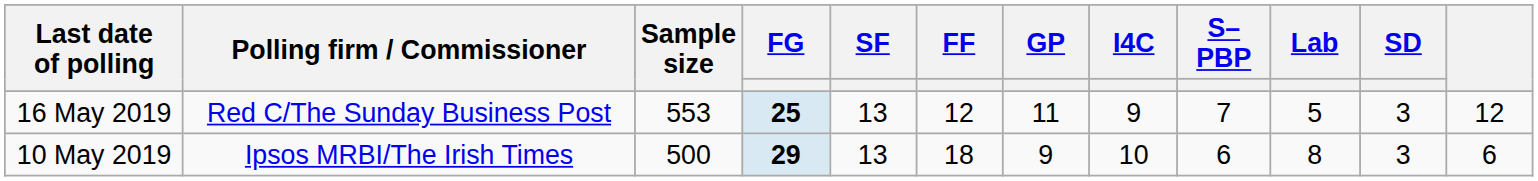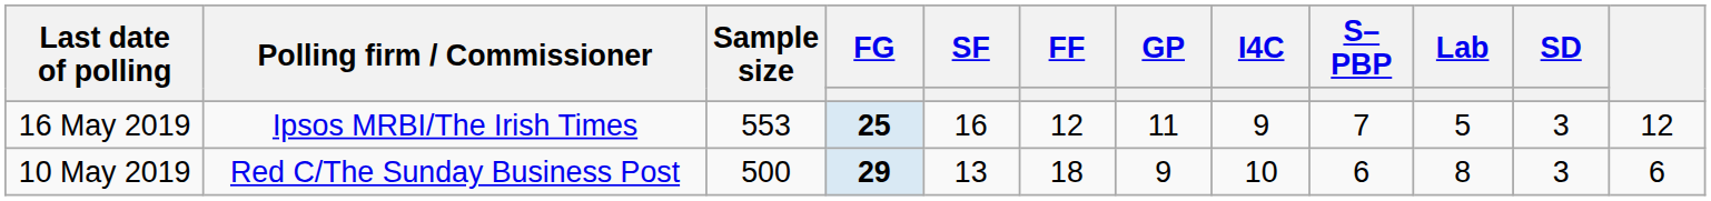 <table class="wikitable sortable collapsible" style="text-align:center;font-size:95%;">
 <tr style="height:42px;">
 <th style="width:110px;" rowspan="2">Last date<br>of polling</th>
 <th style="width:300px;" rowspan="2">Polling firm / Commissioner</th>
 <th class="unsortable" style="width:50px;" rowspan="2">Sample<br>size</th>
 <th class="unsortable" style="width:50px;"><a href='#'>FG</a></th>
 <th class="unsortable" style="width:50px;"><a href='#'>SF</a></th>
 <th class="unsortable" style="width:50px;"><a href='#'>FF</a></th>
 <th class="unsortable" style="width:50px;"><a href='#'>GP</a></th>
 <th class="unsortable" style="width:50px;"><a href='#'>I4C</a></th>
 <th class="unsortable" style="width:50px;"><a href='#'>S–PBP</a></th>
 <th class="unsortable" style="width:50px;"><a href='#'>Lab</a></th>
 <th class="unsortable" style="width:50px;"><a href='#'>SD</a></th>
 <th class="unsortable" style="width:50px;" rowspan="2"></th>
 </tr>
 <tr>
 <th style="color:inherit;background:"></th>
 <th style="color:inherit;background:"></th>
 <th style="color:inherit;background:"></th>
 <th style="color:inherit;background:"></th>
 <th style="color:inherit;background:"></th>
 <th style="color:inherit;background:"></th>
 <th style="color:inherit;background:"></th>
 <th style="color:inherit;background:"></th>
 </tr>
 <tr>
 <td>16 May 2019</td>
-<td data-sort-value="RedC1"><a href='#'>Red C/The Sunday Business Post</a></td>
+<td data-sort-value="IpsosMRBI1"><a href='#'>Ipsos MRBI/The Irish Times</a></td>
 <td>553</td>
 <td style="background:#D9E9F4"><strong>25</strong></td>
-<td>13</td>
+<td>16</td>
 <td>12</td>
 <td>11</td>
 <td>9</td>
 <td>7</td>
 <td>5</td>
 <td>3</td>
 <td>12</td>
 </tr>
 <tr>
 <td>10 May 2019</td>
-<td data-sort-value="IpsosMRBI1"><a href='#'>Ipsos MRBI/The Irish Times</a></td>
+<td data-sort-value="RedC1"><a href='#'>Red C/The Sunday Business Post</a></td>
 <td>500</td>
 <td style="background:#D9E9F4"><strong>29</strong></td>
 <td>13</td>
 <td>18</td>
 <td>9</td>
 <td>10</td>
 <td>6</td>
 <td>8</td>
 <td>3</td>
 <td>6</td>
 </tr>
 </table>
